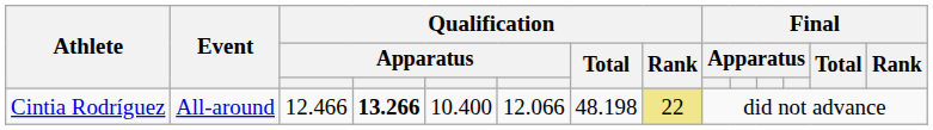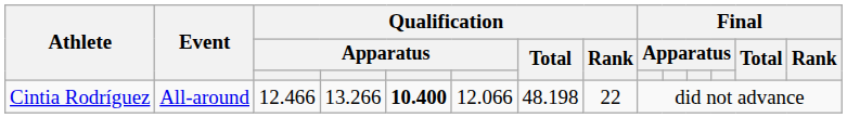 <table class="wikitable" style="font-size:90%">
 <tr>
 <th rowspan=3>Athlete</th>
 <th rowspan=3>Event</th>
 <th colspan=6>Qualification</th>
 <th colspan=6>Final</th>
 </tr>
 <tr style="font-size:95%">
 <th colspan=4>Apparatus</th>
 <th rowspan=2>Total</th>
 <th rowspan=2>Rank</th>
 <th colspan=4>Apparatus</th>
 <th rowspan=2>Total</th>
 <th rowspan=2>Rank</th>
 </tr>
 <tr style="font-size:95%">
 <th></th>
 <th></th>
 <th></th>
 <th></th>
 <th></th>
 <th></th>
 <th></th>
 <th></th>
 </tr>
 <tr align=center>
 <td align=left><a href='#'>Cintia Rodríguez</a></td>
 <td align=left><a href='#'>All-around</a></td>
 <td>12.466</td>
-<td><strong>13.266</strong></td>
-<td>10.400</td>
+<td>13.266</td>
+<td><strong>10.400</strong></td>
 <td>12.066</td>
 <td>48.198</td>
-<td style="background: khaki;">22</td>
+<td>22</td>
 <td colspan=6>did not advance</td>
 </tr>
 </table>
